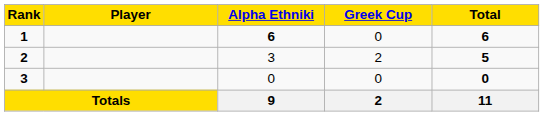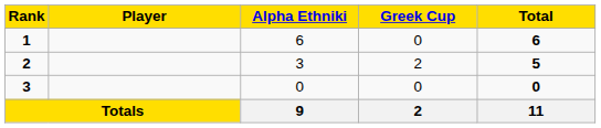 <table class="wikitable sortable" style="text-align:center">
 <tr>
 <th style="background:#FFDE00">Rank</th>
 <th width=200 style="background:#FFDE00">Player</th>
 <th width=120 style="background:#FFDE00"><a href='#'>Alpha Ethniki</a></th>
 <th width=120 style="background:#FFDE00"><a href='#'>Greek Cup</a></th>
 <th width=120 style="background:#FFDE00">Total</th>
 </tr>
 <tr>
 <td><strong>1</strong></td>
 <td align=left></td>
-<td><strong>6</strong></td>
+<td>6</td>
 <td>0</td>
 <td><strong>6</strong></td>
 </tr>
 <tr>
 <td><strong>2</strong></td>
 <td align=left></td>
 <td>3</td>
 <td>2</td>
 <td><strong>5</strong></td>
 </tr>
 <tr>
 <td><strong>3</strong></td>
 <td align=left></td>
 <td>0</td>
 <td>0</td>
 <td><strong>0</strong></td>
 </tr>
 <tr class="sortbottom">
 <th colspan=2 style="background:#FFDE00"><strong>Totals</strong></th>
 <th><strong> 9</strong></th>
 <th><strong> 2</strong></th>
 <th><strong>11</strong></th>
 </tr>
 </table>
